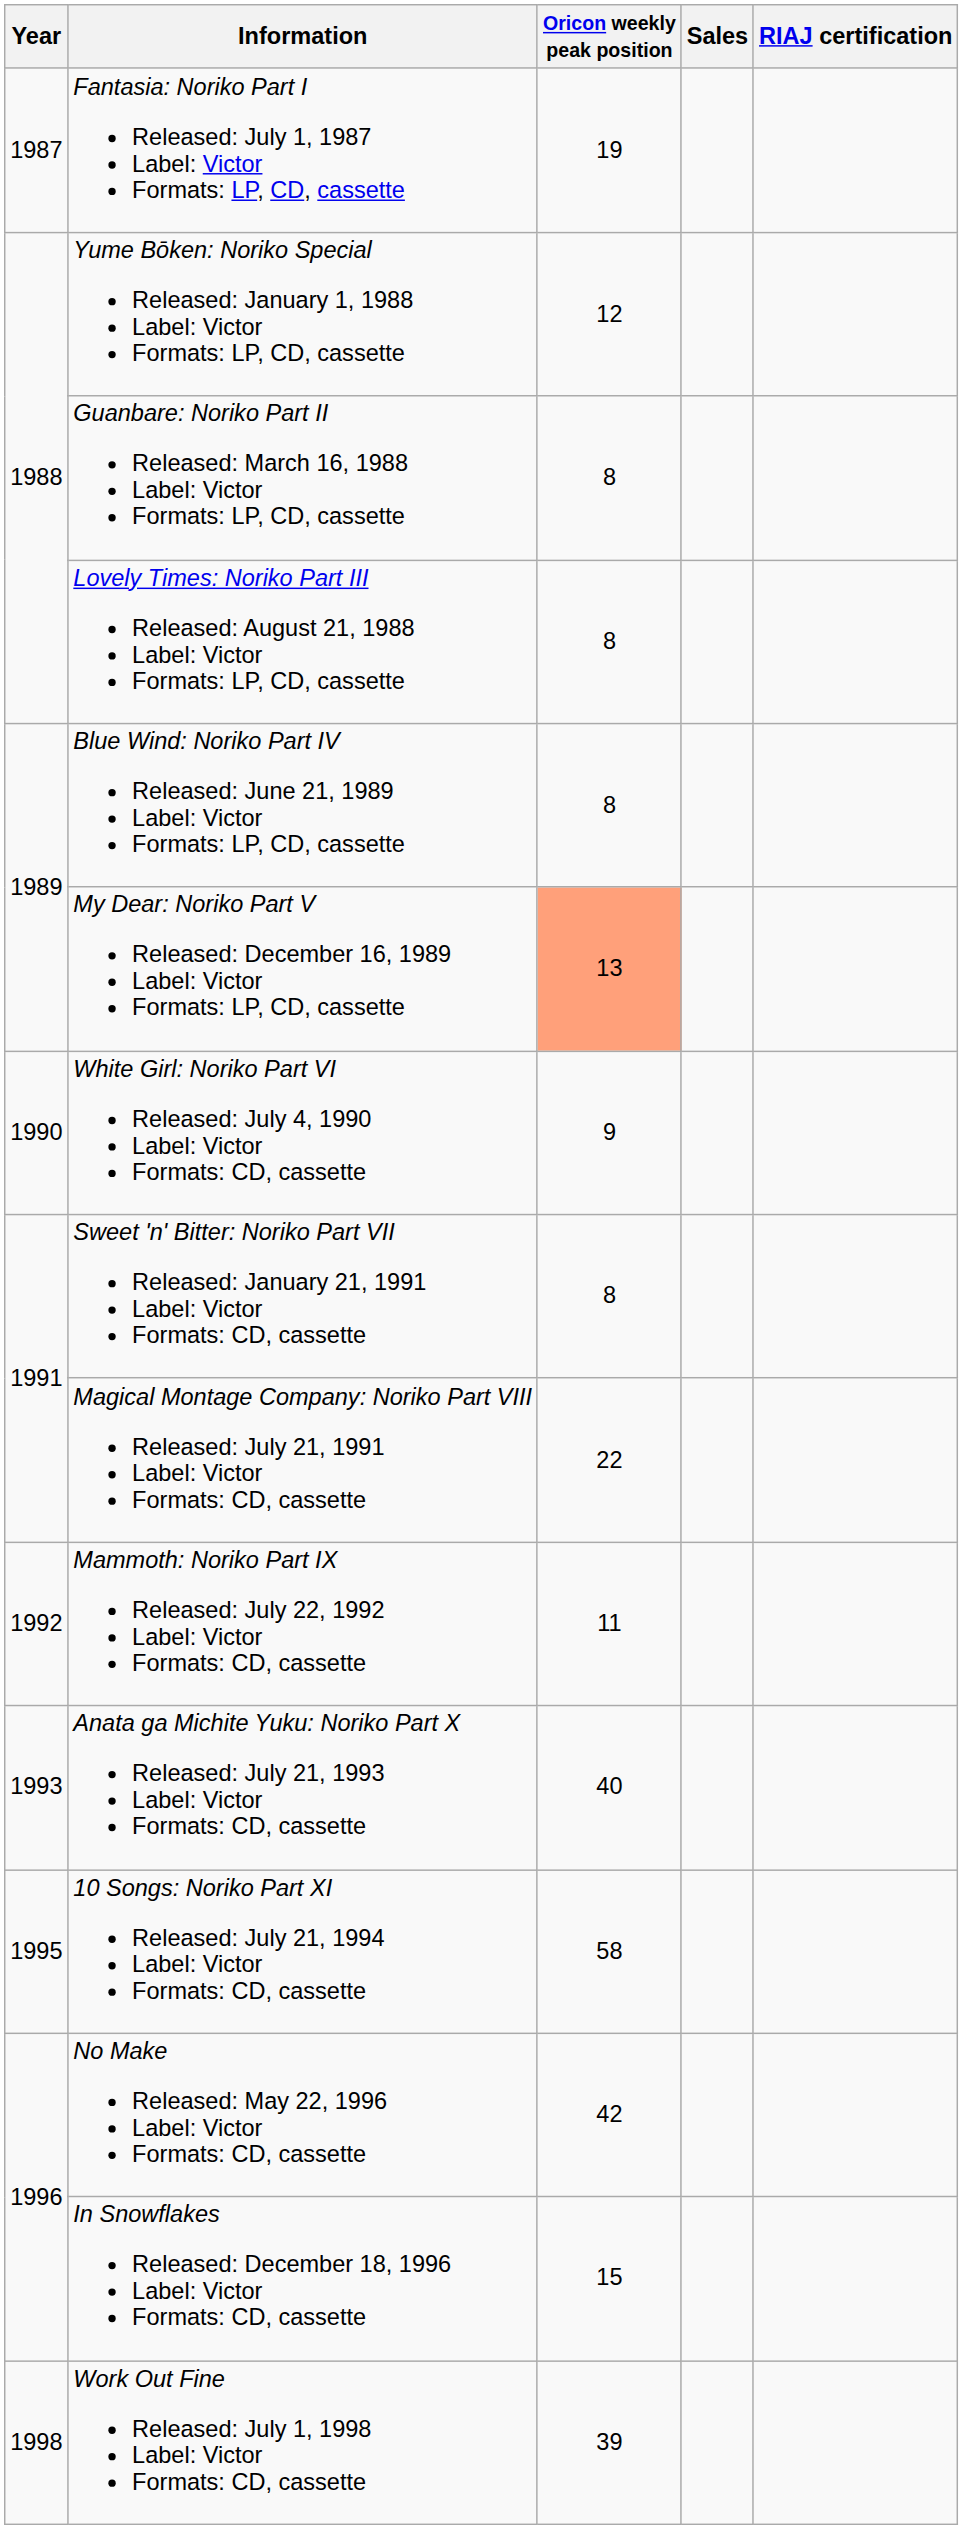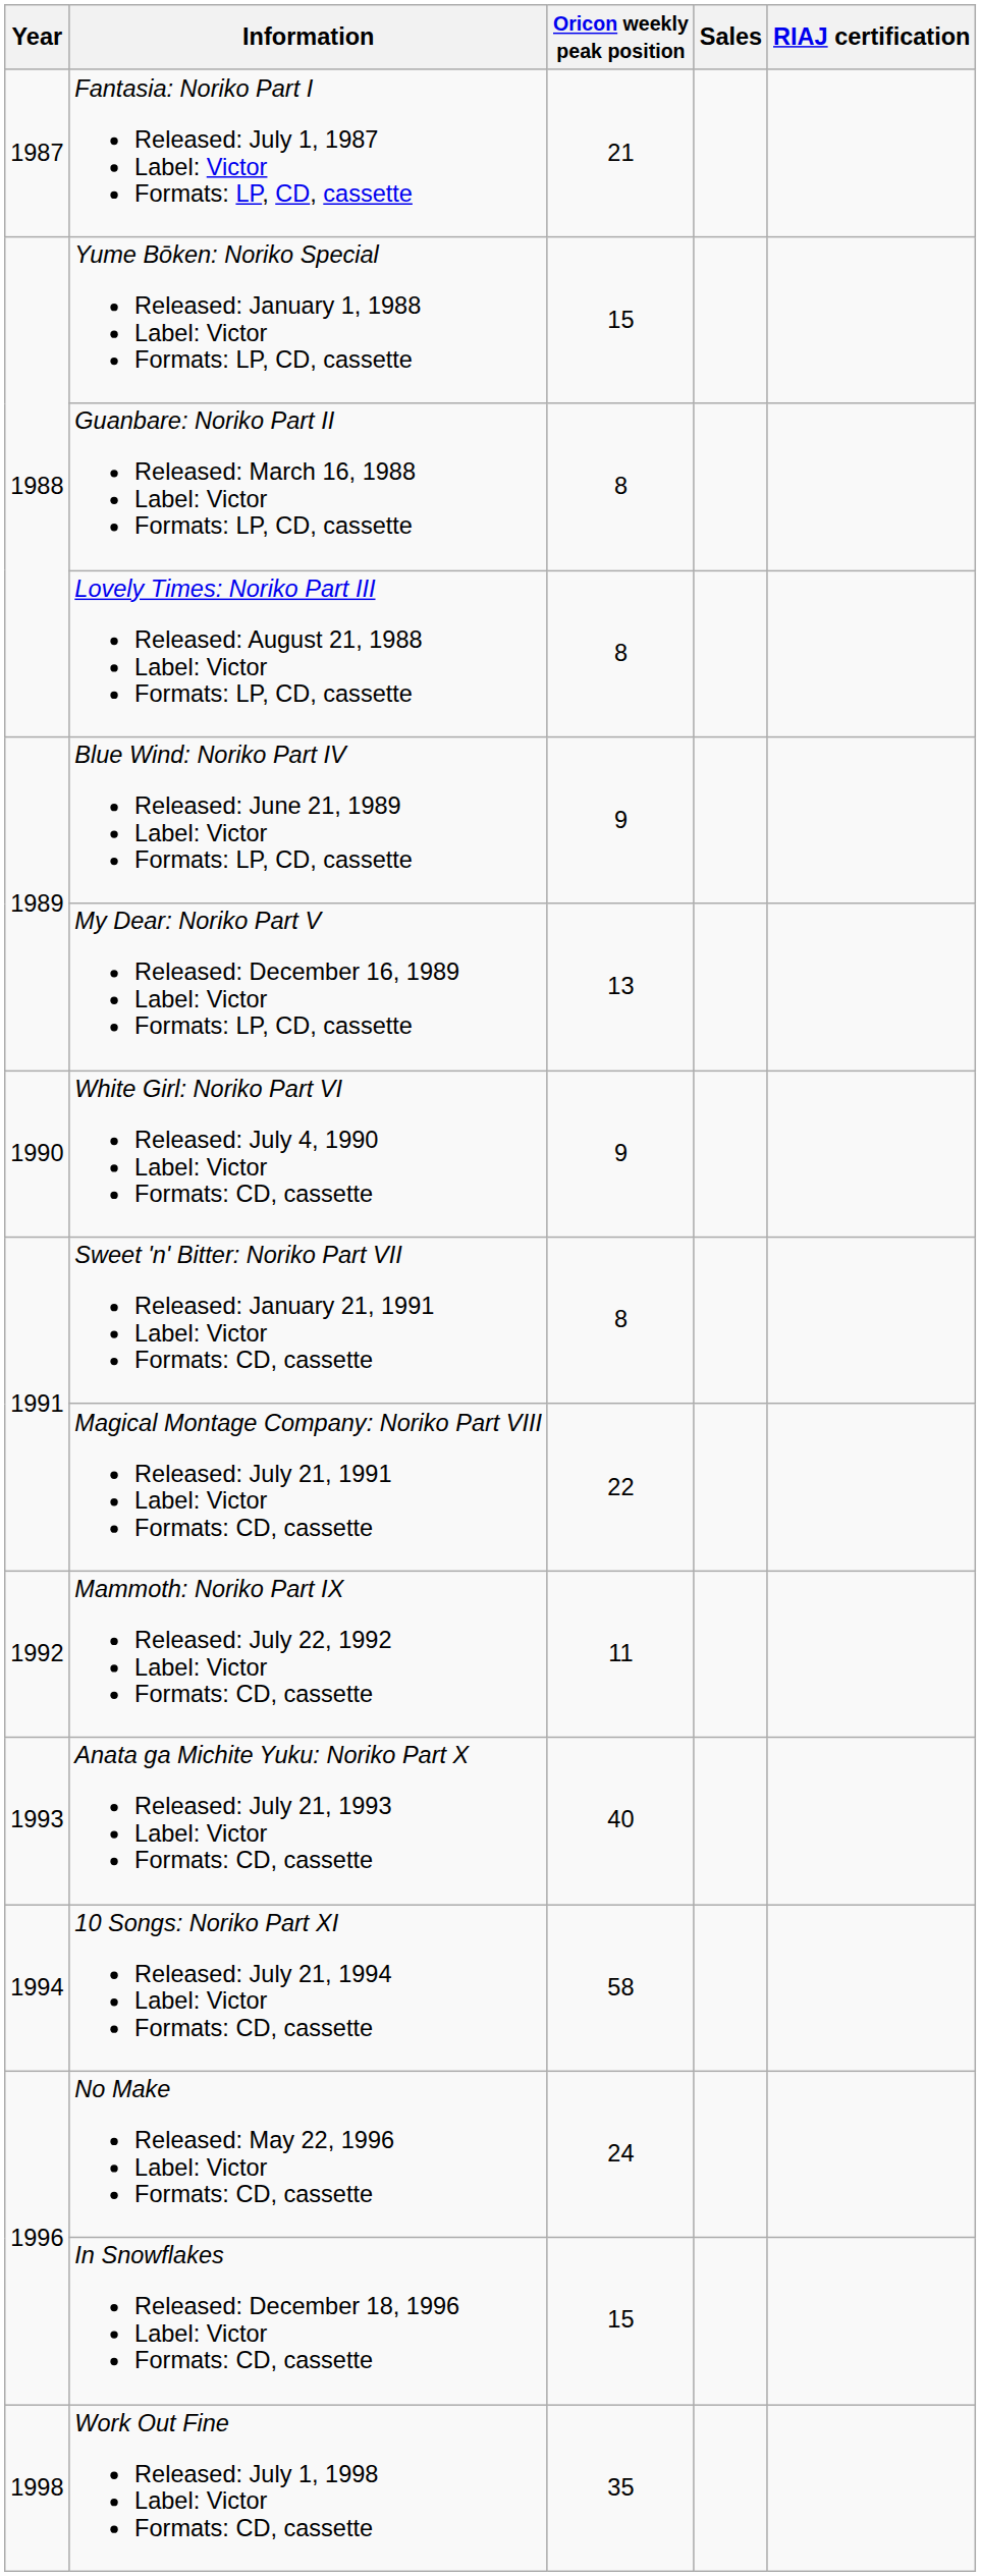 <table class="wikitable">
 <tr>
 <th>Year</th>
 <th>Information</th>
 <th><small><a href='#'>Oricon</a> weekly<br>peak position</small></th>
 <th>Sales</th>
 <th><a href='#'>RIAJ</a> certification</th>
 </tr>
 <tr>
 <td>1987</td>
 <td><em>Fantasia: Noriko Part I</em><br><ul><li>Released: July 1, 1987</li><li>Label: <a href='#'>Victor</a></li><li>Formats: <a href='#'>LP</a>, <a href='#'>CD</a>, <a href='#'>cassette</a></li></ul></td>
-<td style="text-align:center;">19</td>
+<td style="text-align:center;">21</td>
 <td align="left"></td>
 <td align="left"></td>
 </tr>
 <tr>
 <td rowspan="3">1988</td>
 <td><em>Yume Bōken: Noriko Special</em><br><ul><li>Released: January 1, 1988</li><li>Label: Victor</li><li>Formats: LP, CD, cassette</li></ul></td>
-<td style="text-align:center;">12</td>
+<td style="text-align:center;">15</td>
 <td align="left"></td>
 <td align="left"></td>
 </tr>
 <tr>
 <td><em>Guanbare: Noriko Part II</em><br><ul><li>Released: March 16, 1988</li><li>Label: Victor</li><li>Formats: LP, CD, cassette</li></ul></td>
 <td style="text-align:center;">8</td>
 <td align="left"></td>
 <td align="left"></td>
 </tr>
 <tr>
 <td><em><a href='#'>Lovely Times: Noriko Part III</a></em><br><ul><li>Released: August 21, 1988</li><li>Label: Victor</li><li>Formats: LP, CD, cassette</li></ul></td>
 <td style="text-align:center;">8</td>
 <td align="left"></td>
 <td align="left"></td>
 </tr>
 <tr>
 <td rowspan="2">1989</td>
 <td><em>Blue Wind: Noriko Part IV</em><br><ul><li>Released: June 21, 1989</li><li>Label: Victor</li><li>Formats: LP, CD, cassette</li></ul></td>
-<td style="text-align:center;">8</td>
+<td style="text-align:center;">9</td>
 <td align="left"></td>
 <td align="left"></td>
 </tr>
 <tr>
 <td><em>My Dear: Noriko Part V</em><br><ul><li>Released: December 16, 1989</li><li>Label: Victor</li><li>Formats: LP, CD, cassette</li></ul></td>
-<td style="background: lightsalmon; text-align:center;">13</td>
+<td style="text-align:center;">13</td>
 <td align="left"></td>
 <td align="left"></td>
 </tr>
 <tr>
 <td>1990</td>
 <td><em>White Girl: Noriko Part VI</em><br><ul><li>Released: July 4, 1990</li><li>Label: Victor</li><li>Formats: CD, cassette</li></ul></td>
 <td style="text-align:center;">9</td>
 <td align="left"></td>
 <td align="left"></td>
 </tr>
 <tr>
 <td rowspan="2">1991</td>
 <td><em>Sweet 'n' Bitter: Noriko Part VII</em><br><ul><li>Released: January 21, 1991</li><li>Label: Victor</li><li>Formats: CD, cassette</li></ul></td>
 <td style="text-align:center;">8</td>
 <td align="left"></td>
 <td align="left"></td>
 </tr>
 <tr>
 <td><em>Magical Montage Company: Noriko Part VIII</em><br><ul><li>Released: July 21, 1991</li><li>Label: Victor</li><li>Formats: CD, cassette</li></ul></td>
 <td style="text-align:center;">22</td>
 <td align="left"></td>
 <td align="left"></td>
 </tr>
 <tr>
 <td>1992</td>
 <td><em>Mammoth: Noriko Part IX</em><br><ul><li>Released: July 22, 1992</li><li>Label: Victor</li><li>Formats: CD, cassette</li></ul></td>
 <td style="text-align:center;">11</td>
 <td align="left"></td>
 <td align="left"></td>
 </tr>
 <tr>
 <td>1993</td>
 <td><em>Anata ga Michite Yuku: Noriko Part X</em><br><ul><li>Released: July 21, 1993</li><li>Label: Victor</li><li>Formats: CD, cassette</li></ul></td>
 <td style="text-align:center;">40</td>
 <td align="left"></td>
 <td align="left"></td>
 </tr>
 <tr>
-<td>1995</td>
+<td>1994</td>
 <td><em>10 Songs: Noriko Part XI</em><br><ul><li>Released: July 21, 1994</li><li>Label: Victor</li><li>Formats: CD, cassette</li></ul></td>
 <td style="text-align:center;">58</td>
 <td align="left"></td>
 <td align="left"></td>
 </tr>
 <tr>
 <td rowspan="2">1996</td>
 <td><em>No Make</em><br><ul><li>Released: May 22, 1996</li><li>Label: Victor</li><li>Formats: CD, cassette</li></ul></td>
-<td style="text-align:center;">42</td>
+<td style="text-align:center;">24</td>
 <td align="left"></td>
 <td align="left"></td>
 </tr>
 <tr>
 <td><em>In Snowflakes</em><br><ul><li>Released: December 18, 1996</li><li>Label: Victor</li><li>Formats: CD, cassette</li></ul></td>
 <td style="text-align:center;">15</td>
 <td align="left"></td>
 <td align="left"></td>
 </tr>
 <tr>
 <td>1998</td>
 <td><em>Work Out Fine</em><br><ul><li>Released: July 1, 1998</li><li>Label: Victor</li><li>Formats: CD, cassette</li></ul></td>
-<td style="text-align:center;">39</td>
+<td style="text-align:center;">35</td>
 <td align="left"></td>
 <td align="left"></td>
 </tr>
 </table>
